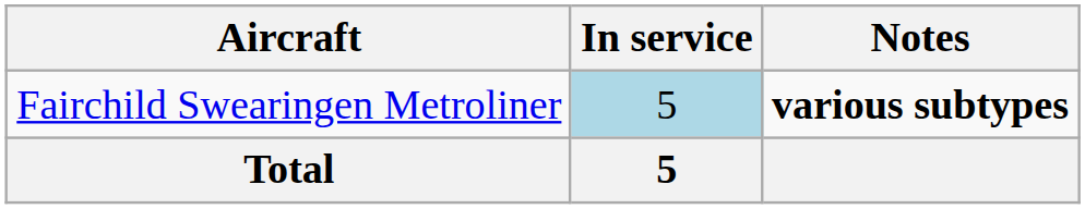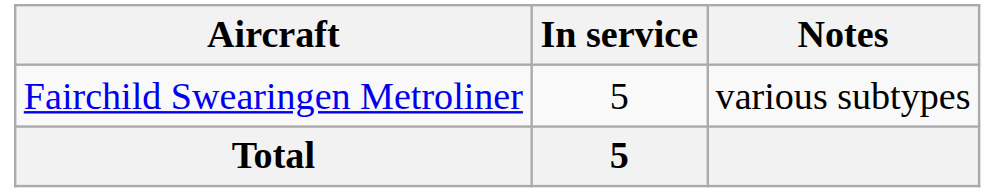 <table class="wikitable" style="margin:0.5em auto; text-align:center">
 <tr>
 <th>Aircraft</th>
 <th>In service</th>
 <th>Notes</th>
 </tr>
 <tr>
 <td><a href='#'>Fairchild Swearingen Metroliner</a></td>
-<td style="background: lightblue;">5</td>
-<td><strong>various subtypes</strong></td>
+<td>5</td>
+<td>various subtypes</td>
 </tr>
 <tr>
 <th>Total</th>
 <th>5</th>
 <th colspan="6"></th>
 </tr>
 </table>
